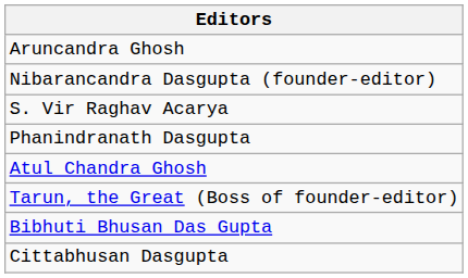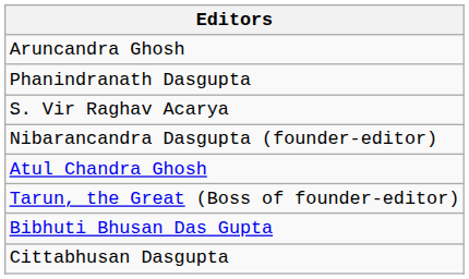 <table class="wikitable">
 <tr>
 <th>Editors</th>
 </tr>
 <tr>
 <td>Aruncandra Ghosh</td>
 </tr>
 <tr>
-<td>Nibarancandra Dasgupta (founder-editor)</td>
+<td>Phanindranath Dasgupta</td>
 </tr>
 <tr>
 <td>S. Vir Raghav Acarya</td>
 </tr>
 <tr>
-<td>Phanindranath Dasgupta</td>
+<td>Nibarancandra Dasgupta (founder-editor)</td>
 </tr>
 <tr>
 <td><a href='#'>Atul Chandra Ghosh</a></td>
 </tr>
 <tr>
 <td><a href='#'>Tarun, the Great</a> (Boss of founder-editor)</td>
 </tr>
 <tr>
 <td><a href='#'>Bibhuti Bhusan Das Gupta</a></td>
 </tr>
 <tr>
 <td>Cittabhusan Dasgupta</td>
 </tr>
 </table>
